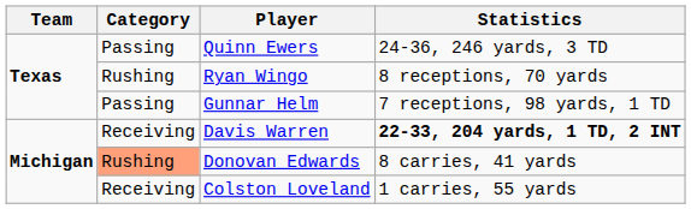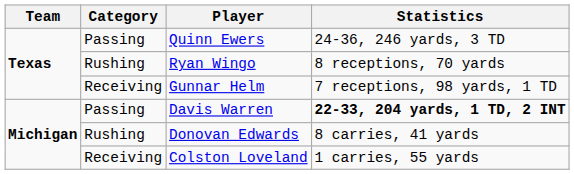 <table class="wikitable" style="float: right;">
 <tr>
 <th>Team</th>
 <th>Category</th>
 <th>Player</th>
 <th>Statistics</th>
 </tr>
 <tr>
 <td rowspan=3><strong>Texas</strong></td>
 <td>Passing</td>
 <td><a href='#'>Quinn Ewers</a></td>
 <td>24-36, 246 yards, 3 TD</td>
 </tr>
 <tr>
 <td>Rushing</td>
 <td><a href='#'>Ryan Wingo</a></td>
 <td>8 receptions, 70 yards</td>
 </tr>
 <tr>
-<td>Passing</td>
+<td>Receiving</td>
 <td><a href='#'>Gunnar Helm</a></td>
 <td>7 receptions, 98 yards, 1 TD</td>
 </tr>
 <tr>
 <td rowspan=3><strong>Michigan</strong></td>
-<td>Receiving</td>
+<td>Passing</td>
 <td><a href='#'>Davis Warren</a></td>
 <td><strong>22-33, 204 yards, 1 TD, 2 INT</strong></td>
 </tr>
 <tr>
-<td style="background: lightsalmon;">Rushing</td>
+<td>Rushing</td>
 <td><a href='#'>Donovan Edwards</a></td>
 <td>8 carries, 41 yards</td>
 </tr>
 <tr>
 <td>Receiving</td>
 <td><a href='#'>Colston Loveland</a></td>
 <td>1 carries, 55 yards</td>
 </tr>
 </table>
